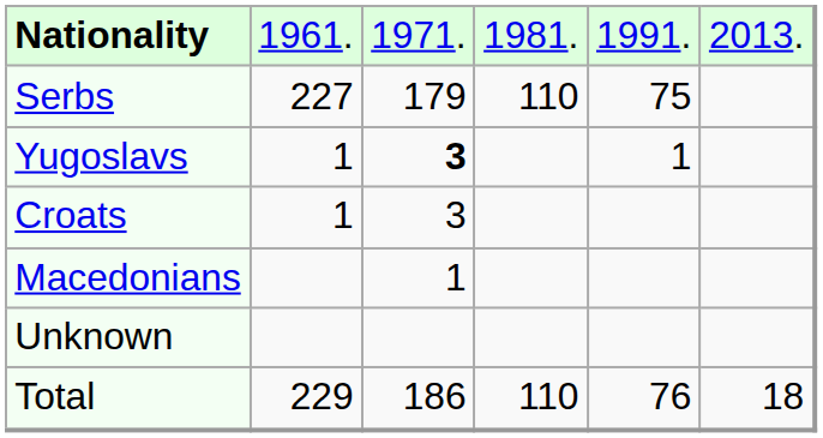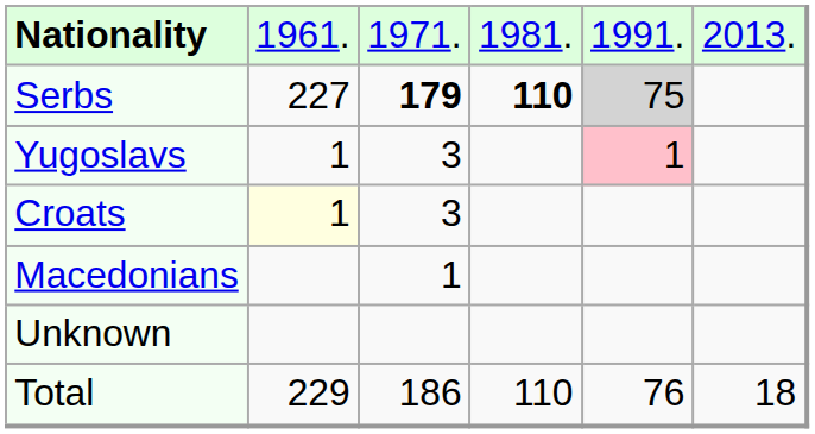 <table class="wikitable" style="align:left; margin:0.5em 0 0; border-style:solid; border:1px solid #999; border-right-width:2px; border-bottom-width:2px; border-collapse:collapse; font-size:100%;">
 <tr style="background:#dfd;">
 <td style="background:#ddffdd;"><strong>Nationality</strong></td>
 <td style="text-align:center;"><a href='#'>1961</a>.</td>
 <td style="text-align:center;"><a href='#'>1971</a>.</td>
 <td style="text-align:center;"><a href='#'>1981</a>.</td>
 <td style="text-align:center;"><a href='#'>1991</a>.</td>
 <td style="text-align:center;"><a href='#'>2013</a>.</td>
 </tr>
 <tr>
 <td style="background:#f3fff3;"><a href='#'>Serbs</a></td>
 <td align="right">227</td>
-<td align="right">179</td>
-<td align="right">110</td>
-<td align="right">75</td>
+<td align="right"><strong>179</strong></td>
+<td align="right"><strong>110</strong></td>
+<td align="right" style="background: lightgrey;">75</td>
 <td></td>
 </tr>
 <tr>
 <td style="background:#f3fff3;"><a href='#'>Yugoslavs</a></td>
 <td align="right">1</td>
-<td align="right"><strong>3</strong></td>
+<td align="right">3</td>
 <td></td>
-<td align="right">1</td>
+<td align="right" style="background: pink;">1</td>
 <td></td>
 </tr>
 <tr>
 <td style="background:#f3fff3;"><a href='#'>Croats</a></td>
-<td align="right">1</td>
+<td align="right" style="background: lightyellow;">1</td>
 <td align="right">3</td>
 <td></td>
 <td></td>
 <td></td>
 </tr>
 <tr>
 <td style="background:#f3fff3;"><a href='#'>Macedonians</a></td>
 <td></td>
 <td align="right">1</td>
 <td></td>
 <td></td>
 <td></td>
 </tr>
 <tr>
 <td style="background:#f3fff3;">Unknown</td>
 <td></td>
 <td></td>
 <td></td>
 <td></td>
 <td></td>
 </tr>
 <tr>
 <td style="background:#f3fff3;">Total</td>
 <td style="text-align:right;">229</td>
 <td style="text-align:right;">186</td>
 <td style="text-align:right;">110</td>
 <td style="text-align:right;">76</td>
 <td style="text-align:right;">18</td>
 </tr>
 </table>
